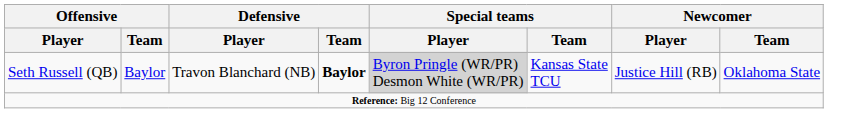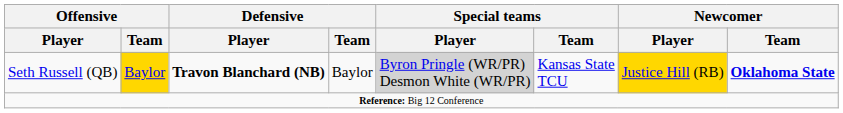 <table class="wikitable">
 <tr>
 <th colspan="2">Offensive</th>
 <th colspan="2">Defensive</th>
 <th colspan="2">Special teams</th>
 <th colspan="2">Newcomer</th>
 </tr>
 <tr>
 <th>Player</th>
 <th>Team</th>
 <th>Player</th>
 <th>Team</th>
 <th>Player</th>
 <th>Team</th>
 <th>Player</th>
 <th>Team</th>
 </tr>
 <tr>
 <td><a href='#'>Seth Russell</a> (QB)</td>
-<td><a href='#'>Baylor</a></td>
-<td>Travon Blanchard (NB)</td>
-<td><strong>Baylor</strong></td>
+<td style="background: gold;"><a href='#'>Baylor</a></td>
+<td><strong>Travon Blanchard (NB)</strong></td>
+<td>Baylor</td>
 <td style="background: lightgrey;"><a href='#'>Byron Pringle</a> (WR/PR)<br>Desmon White (WR/PR)</td>
 <td><a href='#'>Kansas State</a><br><a href='#'>TCU</a></td>
-<td><a href='#'>Justice Hill</a> (RB)</td>
-<td><a href='#'>Oklahoma State</a></td>
+<td style="background: gold;"><a href='#'>Justice Hill</a> (RB)</td>
+<td><strong><a href='#'>Oklahoma State</a></strong></td>
 </tr>
 <tr>
 <td colspan="12"  style="font-size:8pt; text-align:center;"><strong>Reference:</strong> Big 12 Conference</td>
 </tr>
 </table>
